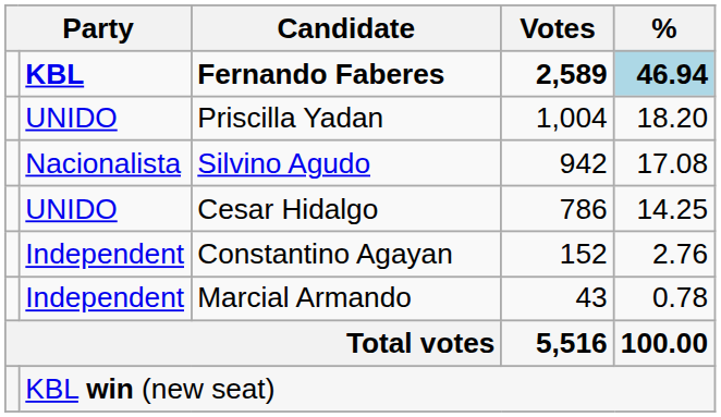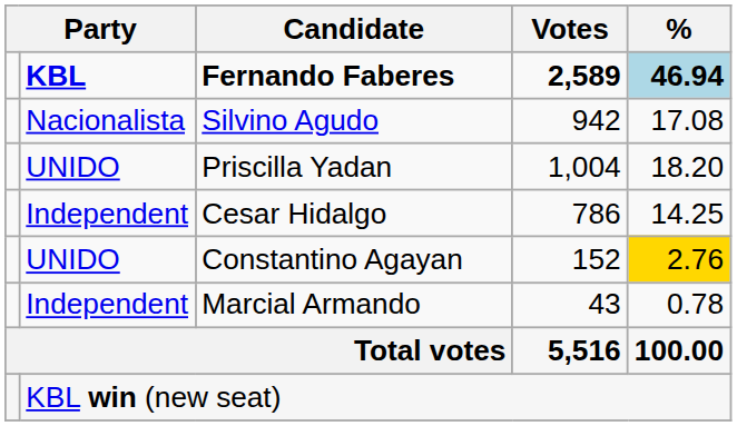 <table class="wikitable" style="font-size:90%; text-align:right;">
 <tr>
 <th colspan="2" style="width:75px;">Party</th>
 <th style="width:150px;">Candidate</th>
 <th style="width:50px;">Votes</th>
 <th style="width:10px;">%</th>
 </tr>
 <tr>
 <td style="background:"></td>
 <td style="text-align:left;"><strong><a href='#'>KBL</a></strong></td>
 <td style="text-align:left;"><strong>Fernando Faberes</strong></td>
 <td><strong>2,589</strong></td>
 <td style="background: lightblue;"><strong>46.94</strong></td>
 </tr>
 <tr>
 <td style="background:"></td>
-<td style="text-align:left;"><a href='#'>UNIDO</a></td>
-<td style="text-align:left;">Priscilla Yadan</td>
-<td>1,004</td>
-<td>18.20</td>
-</tr>
-<tr>
-<td style="background:"></td>
 <td style="text-align:left;"><a href='#'>Nacionalista</a></td>
 <td style="text-align:left;"><a href='#'>Silvino Agudo</a></td>
 <td>942</td>
 <td>17.08</td>
 </tr>
 <tr>
 <td style="background:"></td>
 <td style="text-align:left;"><a href='#'>UNIDO</a></td>
+<td style="text-align:left;">Priscilla Yadan</td>
+<td>1,004</td>
+<td>18.20</td>
+</tr>
+<tr>
+<td style="background:"></td>
+<td style="text-align:left;"><a href='#'>Independent</a></td>
 <td style="text-align:left;">Cesar Hidalgo</td>
 <td>786</td>
 <td>14.25</td>
 </tr>
 <tr>
 <td style="background:"></td>
-<td style="text-align:left;"><a href='#'>Independent</a></td>
+<td style="text-align:left;"><a href='#'>UNIDO</a></td>
 <td style="text-align:left;">Constantino Agayan</td>
 <td>152</td>
-<td>2.76</td>
+<td style="background: gold;">2.76</td>
 </tr>
 <tr>
 <td style="background:"></td>
 <td style="text-align:left;"><a href='#'>Independent</a></td>
 <td style="text-align:left;">Marcial Armando</td>
 <td>43</td>
 <td>0.78</td>
 </tr>
 <tr style="background-color:#F6F6F6">
 <th colspan="3" style="text-align:right;">Total votes</th>
 <td><strong>5,516</strong></td>
 <td><strong>100.00</strong></td>
 </tr>
 <tr style="background-color:#F6F6F6">
 <td style="background:"></td>
 <td colspan="4" style="text-align:left;"><a href='#'>KBL</a> <strong>win</strong> (new seat)</td>
 </tr>
 </table>
